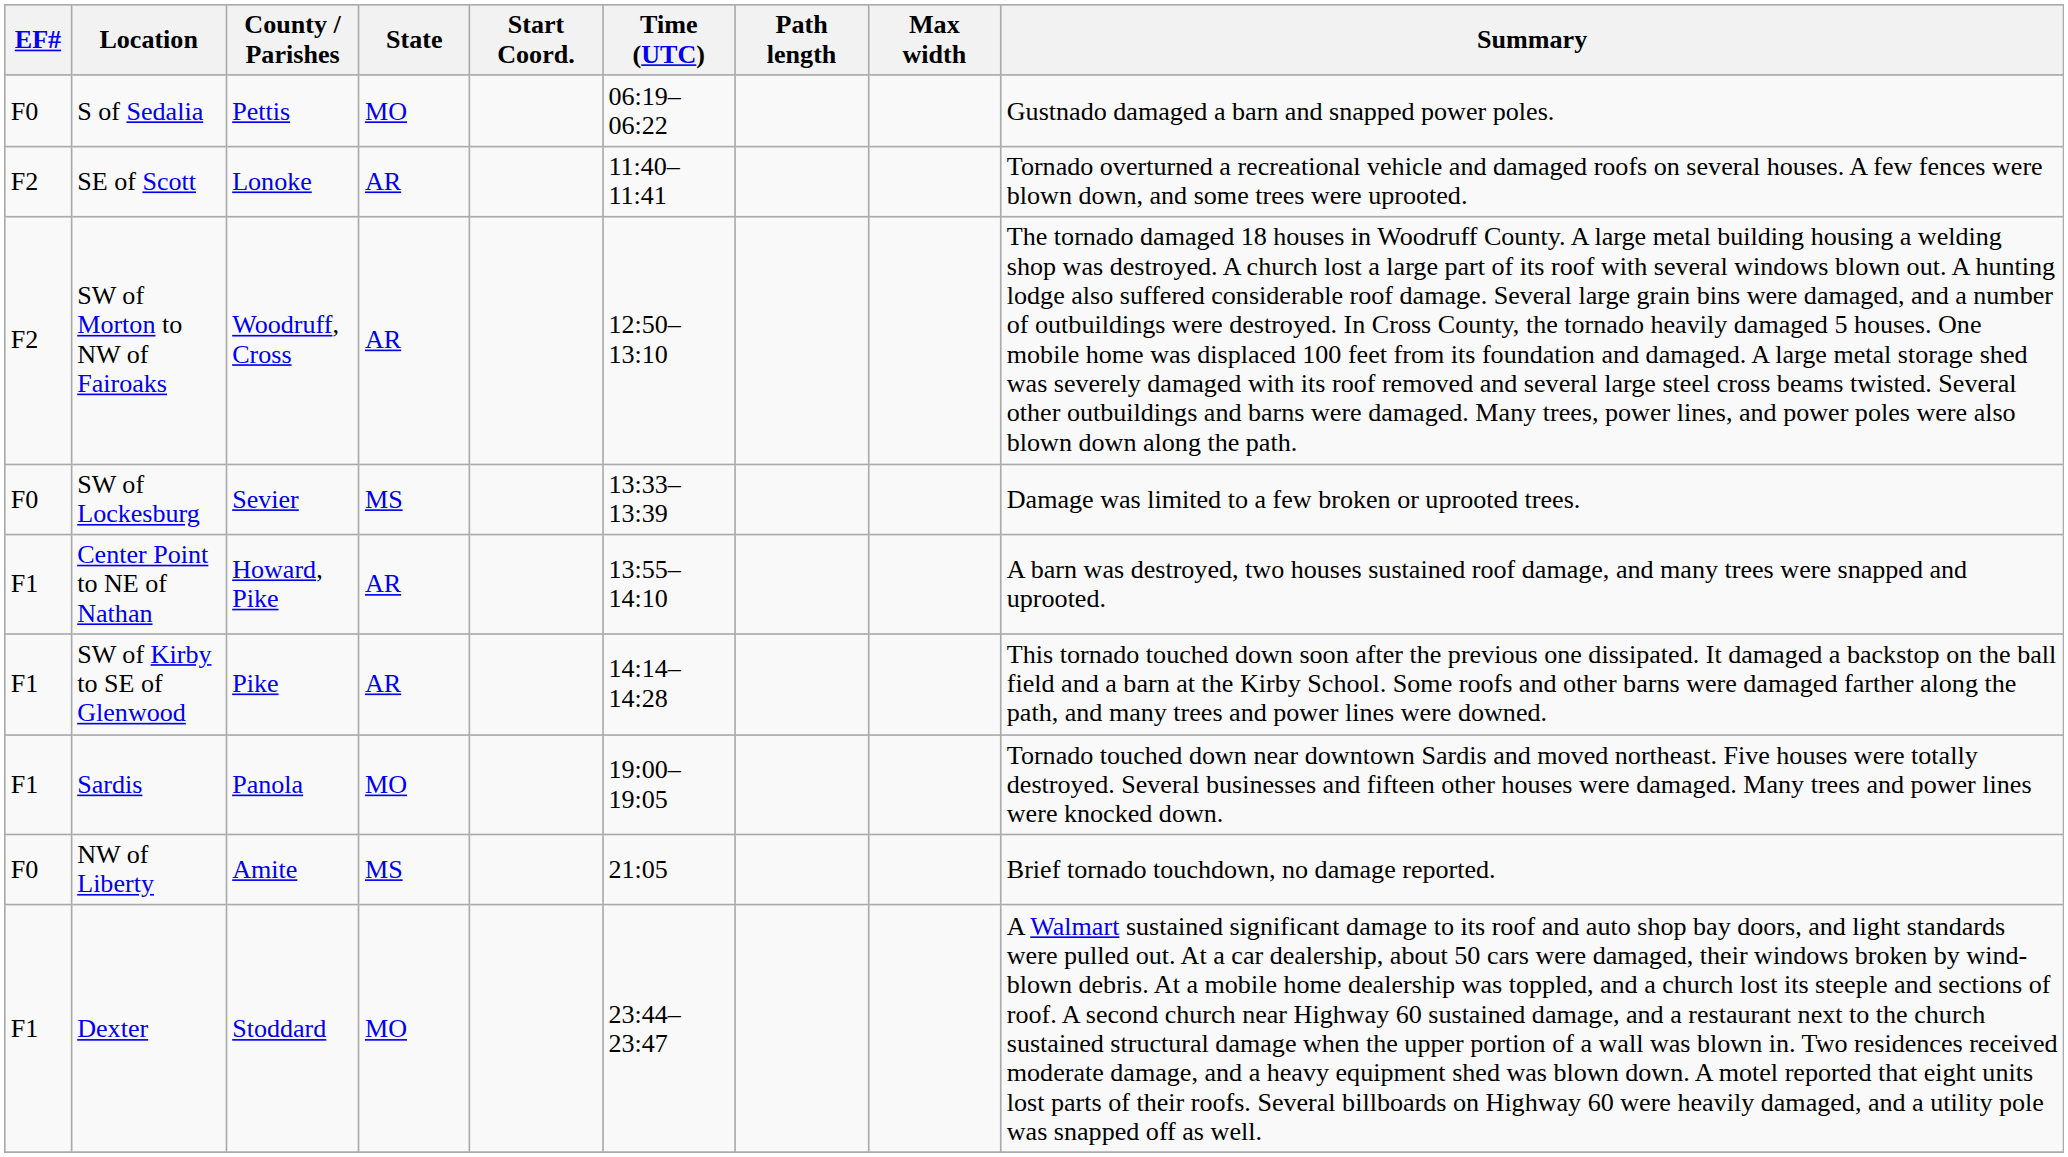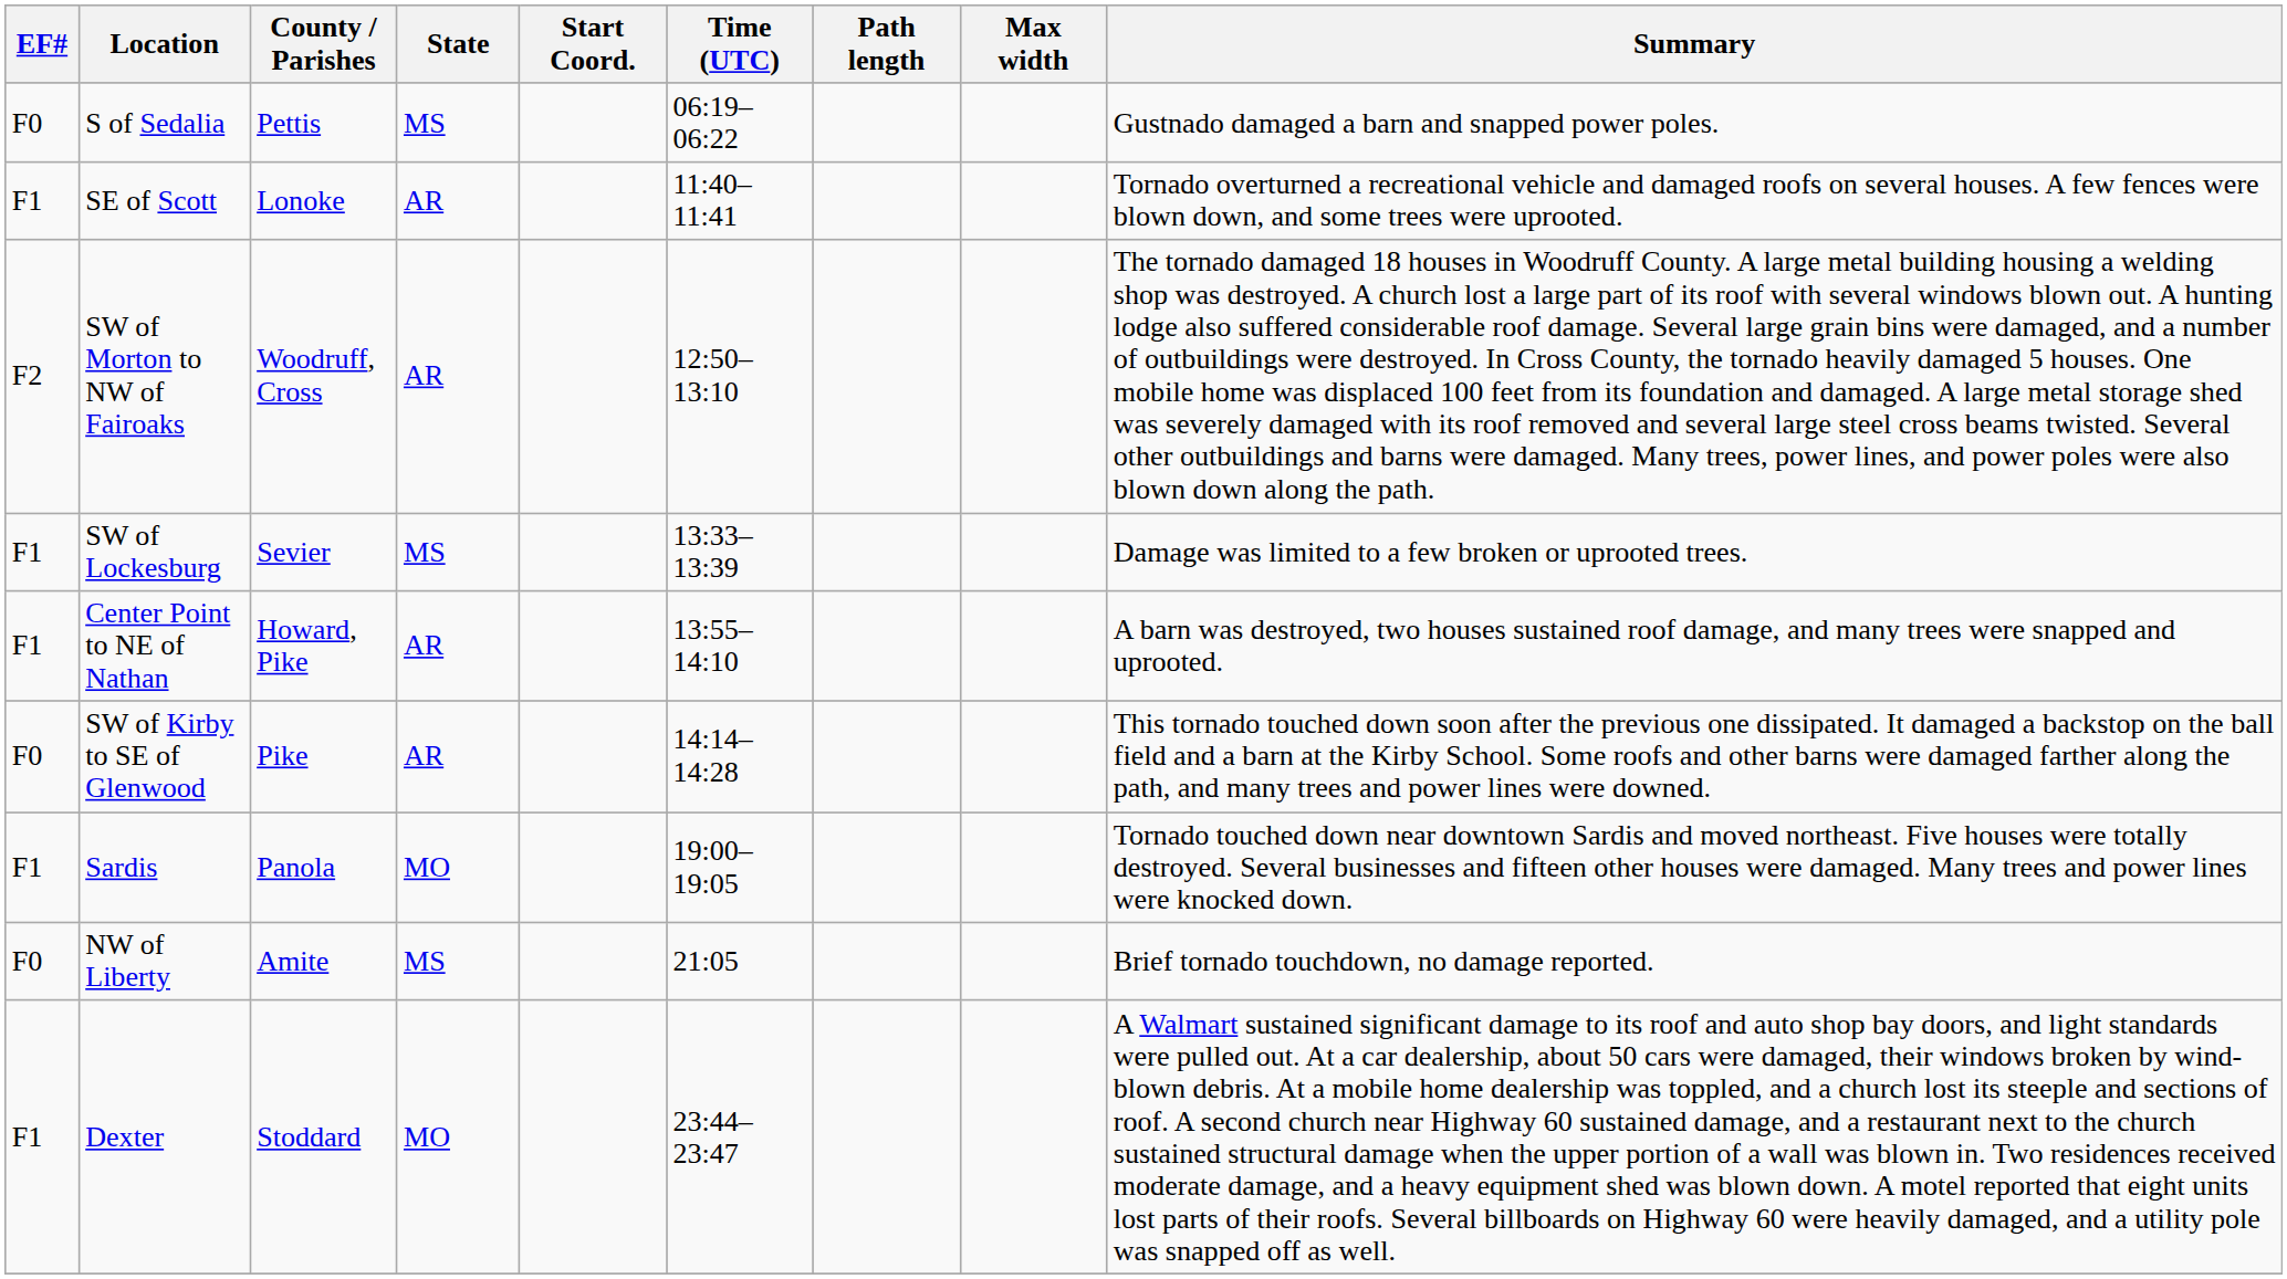 <table class="wikitable sortable" style="width:100%;">
 <tr>
 <th scope="col"  style="width:3%; text-align:center;"><a href='#'>EF#</a></th>
 <th scope="col"  style="width:7%; text-align:center;" class="unsortable">Location</th>
 <th scope="col"  style="width:6%; text-align:center;" class="unsortable">County / Parishes</th>
 <th scope="col"  style="width:5%; text-align:center;">State</th>
 <th scope="col"  style="width:6%; text-align:center;">Start Coord.</th>
 <th scope="col"  style="width:6%; text-align:center;">Time (<a href='#'>UTC</a>)</th>
 <th scope="col"  style="width:6%; text-align:center;">Path length</th>
 <th scope="col"  style="width:6%; text-align:center;">Max width</th>
 <th scope="col" class="unsortable" style="width:48%; text-align:center;">Summary</th>
 </tr>
 <tr>
 <td>F0</td>
 <td>S of <a href='#'>Sedalia</a></td>
 <td><a href='#'>Pettis</a></td>
-<td><a href='#'>MO</a></td>
+<td><a href='#'>MS</a></td>
 <td></td>
 <td>06:19–06:22</td>
 <td></td>
 <td></td>
 <td>Gustnado damaged a barn and snapped power poles.</td>
 </tr>
 <tr>
-<td>F2</td>
+<td>F1</td>
 <td>SE of <a href='#'>Scott</a></td>
 <td><a href='#'>Lonoke</a></td>
 <td><a href='#'>AR</a></td>
 <td></td>
 <td>11:40–11:41</td>
 <td></td>
 <td></td>
 <td>Tornado overturned a recreational vehicle and damaged roofs on several houses. A few fences were blown down, and some trees were uprooted.</td>
 </tr>
 <tr>
 <td>F2</td>
 <td>SW of <a href='#'>Morton</a> to NW of <a href='#'>Fairoaks</a></td>
 <td><a href='#'>Woodruff</a>, <a href='#'>Cross</a></td>
 <td><a href='#'>AR</a></td>
 <td></td>
 <td>12:50–13:10</td>
 <td></td>
 <td></td>
 <td>The tornado damaged 18 houses in Woodruff County. A large metal building housing a welding shop was destroyed. A church lost a large part of its roof with several windows blown out. A hunting lodge also suffered considerable roof damage. Several large grain bins were damaged, and a number of outbuildings were destroyed. In Cross County, the tornado heavily damaged 5 houses. One mobile home was displaced 100 feet from its foundation and damaged. A large metal storage shed was severely damaged with its roof removed and several large steel cross beams twisted. Several other outbuildings and barns were damaged. Many trees, power lines, and power poles were also blown down along the path.</td>
 </tr>
 <tr>
-<td>F0</td>
+<td>F1</td>
 <td>SW of <a href='#'>Lockesburg</a></td>
 <td><a href='#'>Sevier</a></td>
 <td><a href='#'>MS</a></td>
 <td></td>
 <td>13:33–13:39</td>
 <td></td>
 <td></td>
 <td>Damage was limited to a few broken or uprooted trees.</td>
 </tr>
 <tr>
 <td>F1</td>
 <td><a href='#'>Center Point</a> to NE of <a href='#'>Nathan</a></td>
 <td><a href='#'>Howard</a>, <a href='#'>Pike</a></td>
 <td><a href='#'>AR</a></td>
 <td></td>
 <td>13:55–14:10</td>
 <td></td>
 <td></td>
 <td>A barn was destroyed, two houses sustained roof damage, and many trees were snapped and uprooted.</td>
 </tr>
 <tr>
-<td>F1</td>
+<td>F0</td>
 <td>SW of <a href='#'>Kirby</a> to SE of <a href='#'>Glenwood</a></td>
 <td><a href='#'>Pike</a></td>
 <td><a href='#'>AR</a></td>
 <td></td>
 <td>14:14–14:28</td>
 <td></td>
 <td></td>
 <td>This tornado touched down soon after the previous one dissipated. It damaged a backstop on the ball field and a barn at the Kirby School. Some roofs and other barns were damaged farther along the path, and many trees and power lines were downed.</td>
 </tr>
 <tr>
 <td>F1</td>
 <td><a href='#'>Sardis</a></td>
 <td><a href='#'>Panola</a></td>
 <td><a href='#'>MO</a></td>
 <td></td>
 <td>19:00–19:05</td>
 <td></td>
 <td></td>
 <td>Tornado touched down near downtown Sardis and moved northeast. Five houses were totally destroyed. Several businesses and fifteen other houses were damaged. Many trees and power lines were knocked down.</td>
 </tr>
 <tr>
 <td>F0</td>
 <td>NW of <a href='#'>Liberty</a></td>
 <td><a href='#'>Amite</a></td>
 <td><a href='#'>MS</a></td>
 <td></td>
 <td>21:05</td>
 <td></td>
 <td></td>
 <td>Brief tornado touchdown, no damage reported.</td>
 </tr>
 <tr>
 <td>F1</td>
 <td><a href='#'>Dexter</a></td>
 <td><a href='#'>Stoddard</a></td>
 <td><a href='#'>MO</a></td>
 <td></td>
 <td>23:44–23:47</td>
 <td></td>
 <td></td>
 <td>A <a href='#'>Walmart</a> sustained significant damage to its roof and auto shop bay doors, and light standards were pulled out. At a car dealership, about 50 cars were damaged, their windows broken by wind-blown debris. At a mobile home dealership was toppled, and a church lost its steeple and sections of roof. A second church near Highway 60 sustained damage, and a restaurant next to the church sustained structural damage when the upper portion of a wall was blown in. Two residences received moderate damage, and a heavy equipment shed was blown down. A motel reported that eight units lost parts of their roofs. Several billboards on Highway 60 were heavily damaged, and a utility pole was snapped off as well.</td>
 </tr>
 <tr>
 </tr>
 </table>
